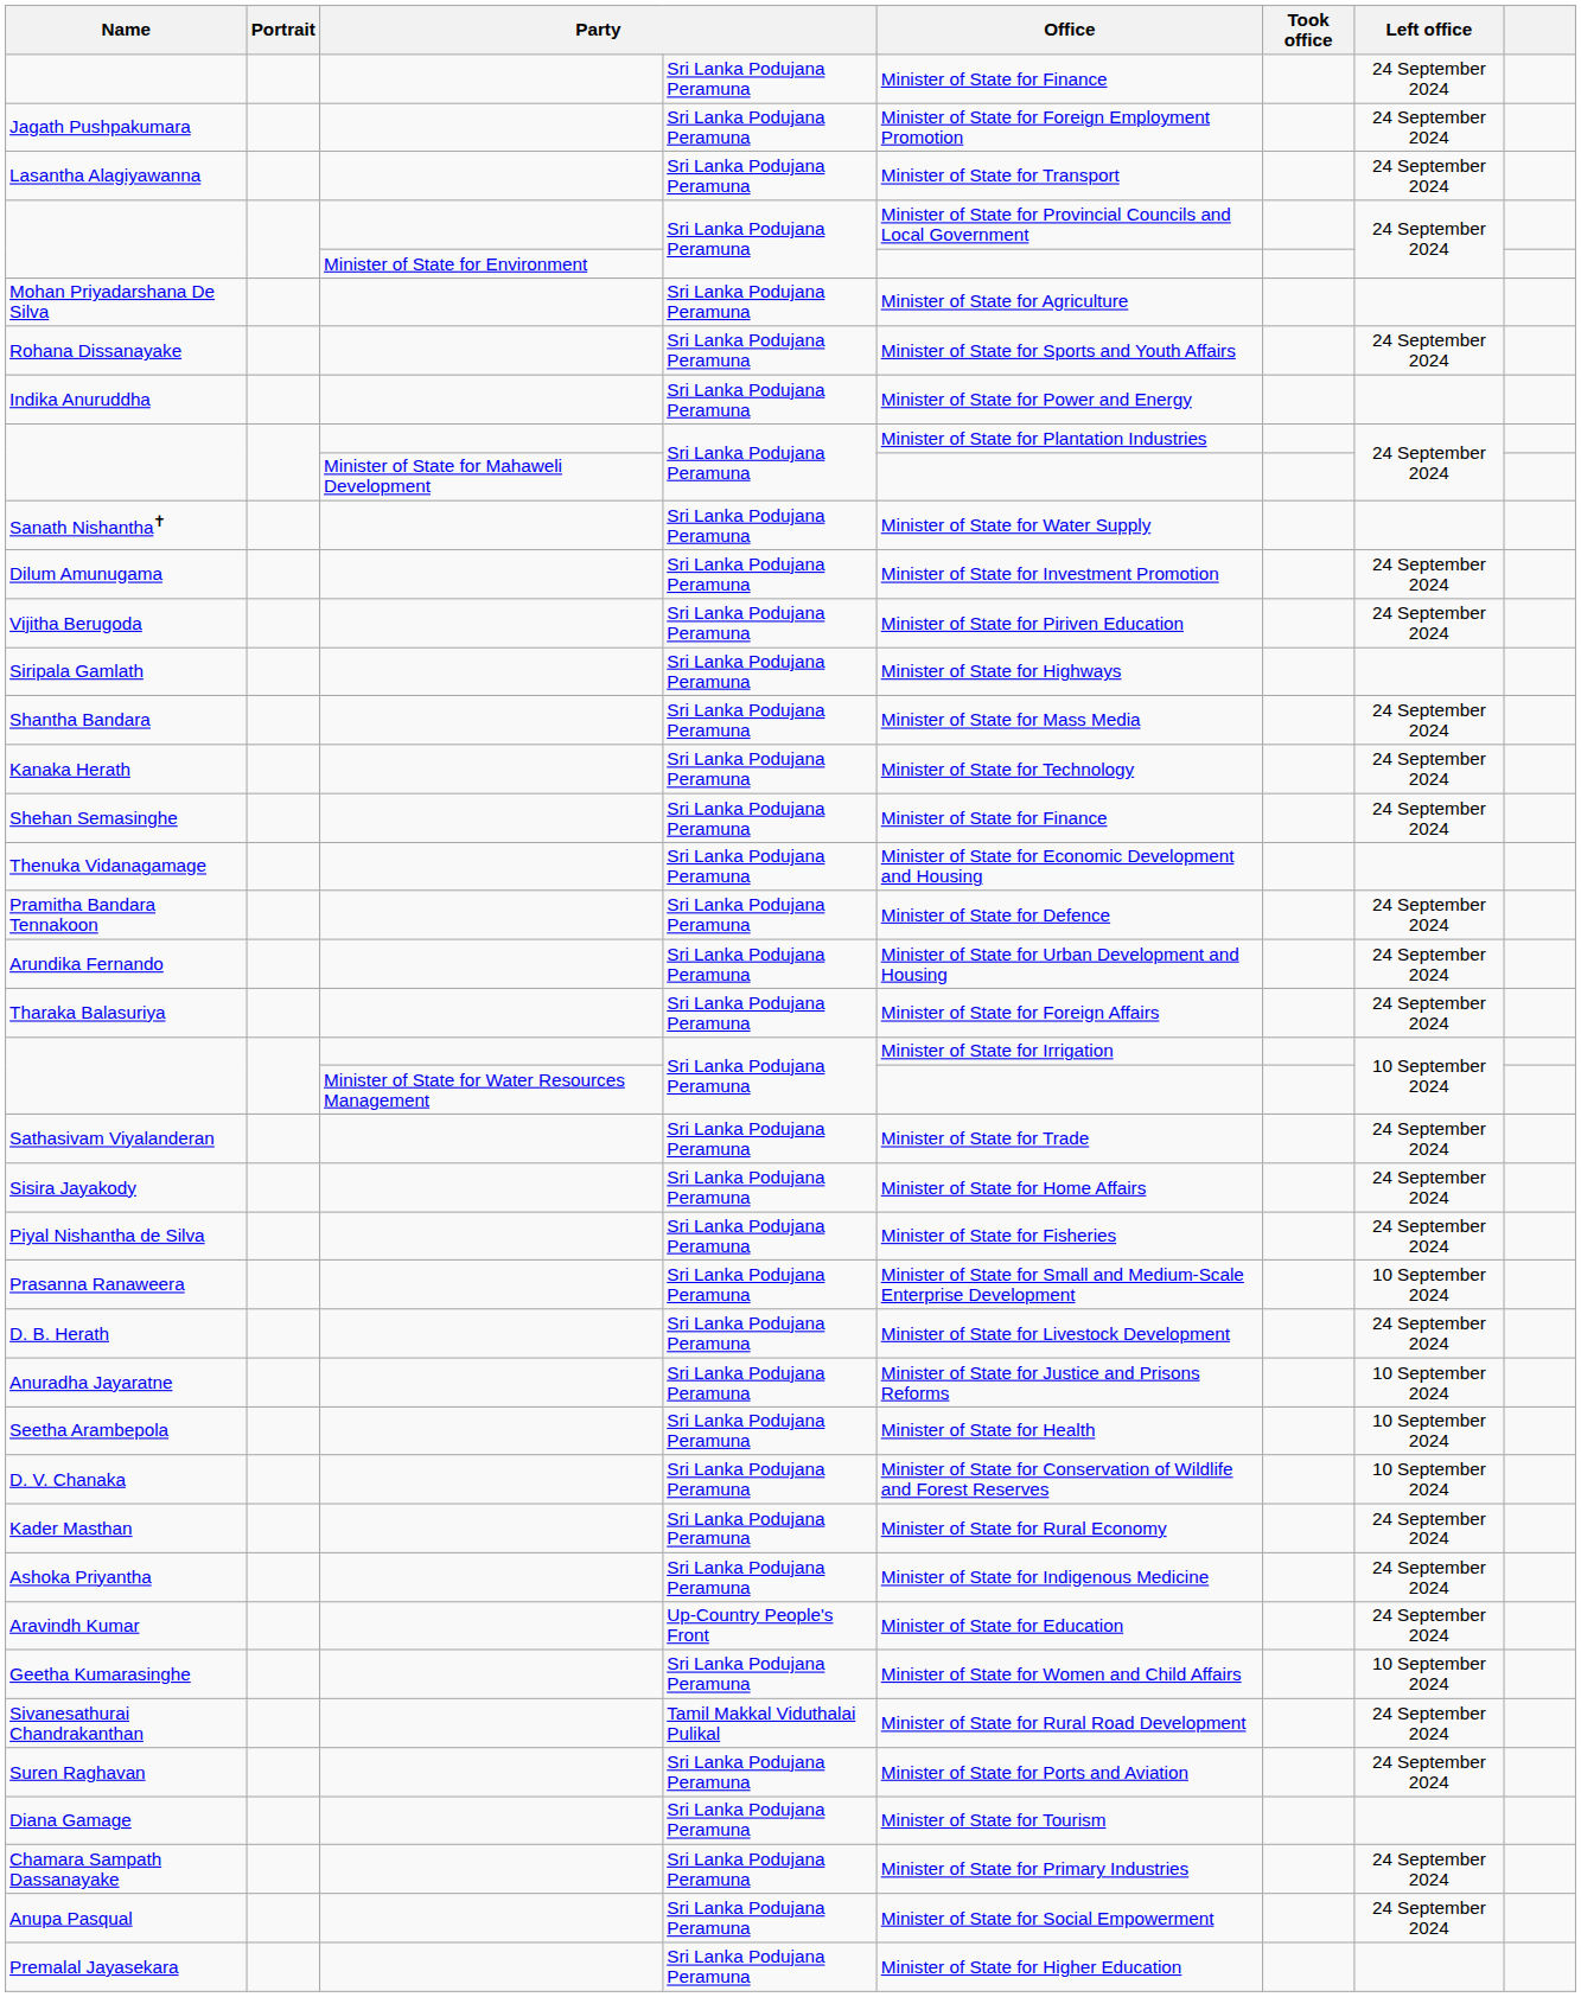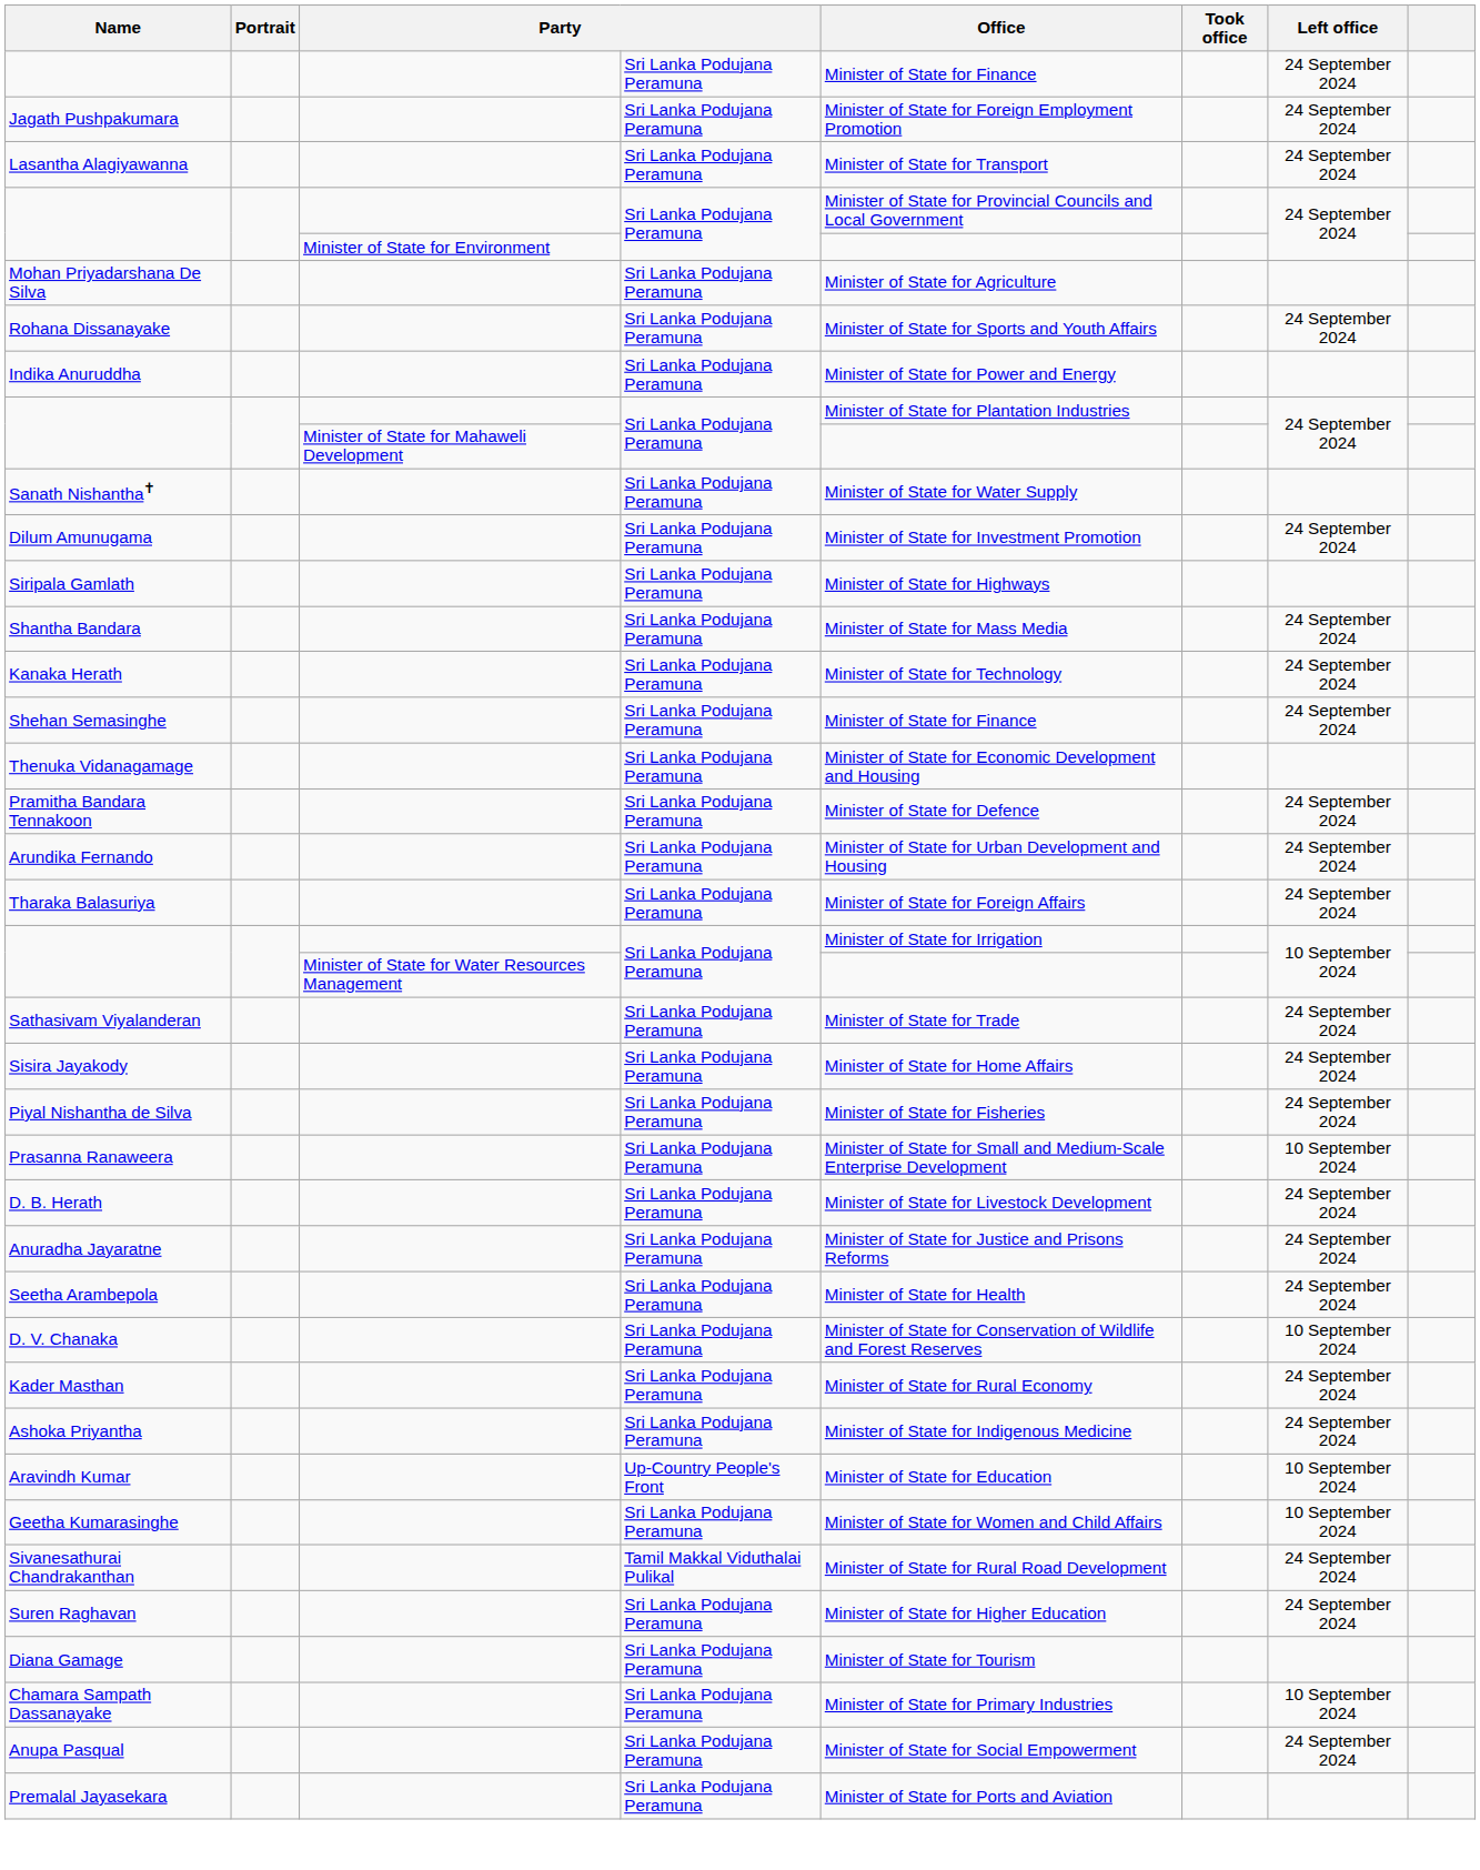 <table class="wikitable plainrowheaders sortable" style="font-size:90%; text-align:left;">
 <tr>
 <th scope="col">Name</th>
 <th scope="col" class="unsortable">Portrait</th>
 <th colspan="2" scope="col">Party</th>
 <th scope="col" width="300px">Office</th>
 <th scope="col">Took office</th>
 <th scope="col">Left office</th>
 <th scope="col" width="50px" class="unsortable"></th>
 </tr>
 <tr>
 <td></td>
 <td align="center"></td>
 <td style="background:"></td>
 <td><a href='#'>Sri Lanka Podujana Peramuna</a></td>
 <td><a href='#'>Minister of State for Finance</a></td>
 <td align="center"></td>
 <td align="center">24 September 2024</td>
 <td align="center"></td>
 </tr>
 <tr>
 <td><a href='#'>Jagath Pushpakumara</a></td>
 <td align="center"></td>
 <td style="background:"></td>
 <td><a href='#'>Sri Lanka Podujana Peramuna</a></td>
 <td><a href='#'>Minister of State for Foreign Employment Promotion</a></td>
 <td align="center"></td>
 <td align="center">24 September 2024</td>
 <td align="center"></td>
 </tr>
 <tr>
 <td><a href='#'>Lasantha Alagiyawanna</a></td>
 <td align="center"></td>
 <td style="background:"></td>
 <td><a href='#'>Sri Lanka Podujana Peramuna</a></td>
 <td><a href='#'>Minister of State for Transport</a></td>
 <td align="center"></td>
 <td align="center">24 September 2024</td>
 <td align="center"></td>
 </tr>
 <tr>
 <td rowspan="2"></td>
 <td rowspan="2" align="center"></td>
 <td style="background:"></td>
 <td rowspan="2"><a href='#'>Sri Lanka Podujana Peramuna</a></td>
 <td><a href='#'>Minister of State for Provincial Councils and Local Government</a></td>
 <td align="center"></td>
 <td rowspan="2" align="center">24 September 2024</td>
 <td align="center"></td>
 </tr>
 <tr>
 <td><a href='#'>Minister of State for Environment</a></td>
 <td align="center"></td>
 <td align="center"></td>
 </tr>
 <tr>
 <td><a href='#'>Mohan Priyadarshana De Silva</a></td>
 <td align="center"></td>
 <td style="background:"></td>
 <td><a href='#'>Sri Lanka Podujana Peramuna</a></td>
 <td><a href='#'>Minister of State for Agriculture</a></td>
 <td align="center"></td>
 <td align="center"></td>
 <td align="center"></td>
 </tr>
 <tr>
 <td><a href='#'>Rohana Dissanayake</a></td>
 <td align="center"></td>
 <td style="background:"></td>
 <td><a href='#'>Sri Lanka Podujana Peramuna</a></td>
 <td><a href='#'>Minister of State for Sports and Youth Affairs</a></td>
 <td align="center"></td>
 <td align="center">24 September 2024</td>
 <td align="center"></td>
 </tr>
 <tr>
 <td><a href='#'>Indika Anuruddha</a></td>
 <td align="center"></td>
 <td style="background:"></td>
 <td><a href='#'>Sri Lanka Podujana Peramuna</a></td>
 <td><a href='#'>Minister of State for Power and Energy</a></td>
 <td align="center"></td>
 <td align="center"></td>
 <td align="center"></td>
 </tr>
 <tr>
 <td rowspan="2"></td>
 <td rowspan="2" align="center"></td>
 <td style="background:"></td>
 <td rowspan="2"><a href='#'>Sri Lanka Podujana Peramuna</a></td>
 <td><a href='#'>Minister of State for Plantation Industries</a></td>
 <td align="center"></td>
 <td rowspan="2" align="center">24 September 2024</td>
 <td align="center"></td>
 </tr>
 <tr>
 <td><a href='#'>Minister of State for Mahaweli Development</a></td>
 <td align="center"></td>
 <td align="center"></td>
 </tr>
 <tr>
 <td><a href='#'>Sanath Nishantha</a><sup>✝</sup></td>
 <td align="center"></td>
 <td style="background:"></td>
 <td><a href='#'>Sri Lanka Podujana Peramuna</a></td>
 <td><a href='#'>Minister of State for Water Supply</a></td>
 <td align="center"></td>
 <td align="center"></td>
 <td align="center"></td>
 </tr>
 <tr>
 <td><a href='#'>Dilum Amunugama</a></td>
 <td align="center"></td>
 <td style="background:"></td>
 <td><a href='#'>Sri Lanka Podujana Peramuna</a></td>
 <td><a href='#'>Minister of State for Investment Promotion</a></td>
-<td align="center"></td>
-<td align="center">24 September 2024</td>
-<td align="center"></td>
-</tr>
-<tr>
-<td><a href='#'>Vijitha Berugoda</a></td>
-<td align="center"></td>
-<td style="background:"></td>
-<td><a href='#'>Sri Lanka Podujana Peramuna</a></td>
-<td><a href='#'>Minister of State for Piriven Education</a></td>
 <td align="center"></td>
 <td align="center">24 September 2024</td>
 <td align="center"></td>
 </tr>
 <tr>
 <td><a href='#'>Siripala Gamlath</a></td>
 <td align="center"></td>
 <td style="background:"></td>
 <td><a href='#'>Sri Lanka Podujana Peramuna</a></td>
 <td><a href='#'>Minister of State for Highways</a></td>
 <td align="center"></td>
 <td align="center"></td>
 <td align="center"></td>
 </tr>
 <tr>
 <td><a href='#'>Shantha Bandara</a></td>
 <td align="center"></td>
 <td style="background:"></td>
 <td><a href='#'>Sri Lanka Podujana Peramuna</a></td>
 <td><a href='#'>Minister of State for Mass Media</a></td>
 <td align="center"></td>
 <td align="center">24 September 2024</td>
 <td align="center"></td>
 </tr>
 <tr>
 <td><a href='#'>Kanaka Herath</a></td>
 <td align="center"></td>
 <td style="background:"></td>
 <td><a href='#'>Sri Lanka Podujana Peramuna</a></td>
 <td><a href='#'>Minister of State for Technology</a></td>
 <td align="center"></td>
 <td align="center">24 September 2024</td>
 <td align="center"></td>
 </tr>
 <tr>
 <td><a href='#'>Shehan Semasinghe</a></td>
 <td align="center"></td>
 <td style="background:"></td>
 <td><a href='#'>Sri Lanka Podujana Peramuna</a></td>
 <td><a href='#'>Minister of State for Finance</a></td>
 <td align="center"></td>
 <td align="center">24 September 2024</td>
 <td align="center"></td>
 </tr>
 <tr>
 <td><a href='#'>Thenuka Vidanagamage</a></td>
 <td align="center"></td>
 <td style="background:"></td>
 <td><a href='#'>Sri Lanka Podujana Peramuna</a></td>
 <td><a href='#'>Minister of State for Economic Development and Housing</a></td>
 <td align="center"></td>
 <td align="center"></td>
 <td align="center"></td>
 </tr>
 <tr>
 <td><a href='#'>Pramitha Bandara Tennakoon</a></td>
 <td align="center"></td>
 <td style="background:"></td>
 <td><a href='#'>Sri Lanka Podujana Peramuna</a></td>
 <td><a href='#'>Minister of State for Defence</a></td>
 <td align="center"></td>
 <td align="center">24 September 2024</td>
 <td align="center"></td>
 </tr>
 <tr>
 <td><a href='#'>Arundika Fernando</a></td>
 <td align="center"></td>
 <td style="background:"></td>
 <td><a href='#'>Sri Lanka Podujana Peramuna</a></td>
 <td><a href='#'>Minister of State for Urban Development and Housing</a></td>
 <td align="center"></td>
 <td align="center">24 September 2024</td>
 <td align="center"></td>
 </tr>
 <tr>
 <td><a href='#'>Tharaka Balasuriya</a></td>
 <td align="center"></td>
 <td style="background:"></td>
 <td><a href='#'>Sri Lanka Podujana Peramuna</a></td>
 <td><a href='#'>Minister of State for Foreign Affairs</a></td>
 <td align="center"></td>
 <td align="center">24 September 2024</td>
 <td align="center"></td>
 </tr>
 <tr>
 <td rowspan="2"></td>
 <td rowspan="2" align="center"></td>
 <td style="background:"></td>
 <td rowspan="2"><a href='#'>Sri Lanka Podujana Peramuna</a></td>
 <td><a href='#'>Minister of State for Irrigation</a></td>
 <td align="center"></td>
 <td rowspan="2" align="center">10 September 2024</td>
 <td align="center"></td>
 </tr>
 <tr>
 <td><a href='#'>Minister of State for Water Resources Management</a></td>
 <td align="center"></td>
 <td align="center"></td>
 </tr>
 <tr>
 <td><a href='#'>Sathasivam Viyalanderan</a></td>
 <td align="center"></td>
 <td style="background:"></td>
 <td><a href='#'>Sri Lanka Podujana Peramuna</a></td>
 <td><a href='#'>Minister of State for Trade</a></td>
 <td align="center"></td>
 <td align="center">24 September 2024</td>
 <td align="center"></td>
 </tr>
 <tr>
 <td><a href='#'>Sisira Jayakody</a></td>
 <td align="center"></td>
 <td style="background:"></td>
 <td><a href='#'>Sri Lanka Podujana Peramuna</a></td>
 <td><a href='#'>Minister of State for Home Affairs</a></td>
 <td align="center"></td>
 <td align="center">24 September 2024</td>
 <td align="center"></td>
 </tr>
 <tr>
 <td><a href='#'>Piyal Nishantha de Silva</a></td>
 <td align="center"></td>
 <td style="background:"></td>
 <td><a href='#'>Sri Lanka Podujana Peramuna</a></td>
 <td><a href='#'>Minister of State for Fisheries</a></td>
 <td align="center"></td>
 <td align="center">24 September 2024</td>
 <td align="center"></td>
 </tr>
 <tr>
 <td><a href='#'>Prasanna Ranaweera</a></td>
 <td align="center"></td>
 <td style="background:"></td>
 <td><a href='#'>Sri Lanka Podujana Peramuna</a></td>
 <td><a href='#'>Minister of State for Small and Medium-Scale Enterprise Development</a></td>
 <td align="center"></td>
 <td align="center">10 September 2024</td>
 <td align="center"></td>
 </tr>
 <tr>
 <td><a href='#'>D. B. Herath</a></td>
 <td align="center"></td>
 <td style="background:"></td>
 <td><a href='#'>Sri Lanka Podujana Peramuna</a></td>
 <td><a href='#'>Minister of State for Livestock Development</a></td>
 <td align="center"></td>
 <td align="center">24 September 2024</td>
 <td align="center"></td>
 </tr>
 <tr>
 <td><a href='#'>Anuradha Jayaratne</a></td>
 <td align="center"></td>
 <td style="background:"></td>
 <td><a href='#'>Sri Lanka Podujana Peramuna</a></td>
 <td><a href='#'>Minister of State for Justice and Prisons Reforms</a></td>
 <td align="center"></td>
-<td align="center">10 September 2024</td>
+<td align="center">24 September 2024</td>
 <td align="center"></td>
 </tr>
 <tr>
 <td><a href='#'>Seetha Arambepola</a></td>
 <td align="center"></td>
 <td style="background:"></td>
 <td><a href='#'>Sri Lanka Podujana Peramuna</a></td>
 <td><a href='#'>Minister of State for Health</a></td>
 <td align="center"></td>
-<td align="center">10 September 2024</td>
+<td align="center">24 September 2024</td>
 <td align="center"></td>
 </tr>
 <tr>
 <td><a href='#'>D. V. Chanaka</a></td>
 <td align="center"></td>
 <td style="background:"></td>
 <td><a href='#'>Sri Lanka Podujana Peramuna</a></td>
 <td><a href='#'>Minister of State for Conservation of Wildlife and Forest Reserves</a></td>
 <td align="center"></td>
 <td align="center">10 September 2024</td>
 <td align="center"></td>
 </tr>
 <tr>
 <td><a href='#'>Kader Masthan</a></td>
 <td align="center"></td>
 <td style="background:"></td>
 <td><a href='#'>Sri Lanka Podujana Peramuna</a></td>
 <td><a href='#'>Minister of State for Rural Economy</a></td>
 <td align="center"></td>
 <td align="center">24 September 2024</td>
 <td align="center"></td>
 </tr>
 <tr>
 <td><a href='#'>Ashoka Priyantha</a></td>
 <td align="center"></td>
 <td style="background:"></td>
 <td><a href='#'>Sri Lanka Podujana Peramuna</a></td>
 <td><a href='#'>Minister of State for Indigenous Medicine</a></td>
 <td align="center"></td>
 <td align="center">24 September 2024</td>
 <td align="center"></td>
 </tr>
 <tr>
 <td><a href='#'>Aravindh Kumar</a></td>
 <td align="center"></td>
 <td style="background:"></td>
 <td><a href='#'>Up-Country People's Front</a></td>
 <td><a href='#'>Minister of State for Education</a></td>
 <td align="center"></td>
-<td align="center">24 September 2024</td>
+<td align="center">10 September 2024</td>
 <td align="center"></td>
 </tr>
 <tr>
 <td><a href='#'>Geetha Kumarasinghe</a></td>
 <td align="center"></td>
 <td style="background:"></td>
 <td><a href='#'>Sri Lanka Podujana Peramuna</a></td>
 <td><a href='#'>Minister of State for Women and Child Affairs</a></td>
 <td align="center"></td>
 <td align="center">10 September 2024</td>
 <td align="center"></td>
 </tr>
 <tr>
 <td><a href='#'>Sivanesathurai Chandrakanthan</a></td>
 <td align="center"></td>
 <td style="background:"></td>
 <td><a href='#'>Tamil Makkal Viduthalai Pulikal</a></td>
 <td><a href='#'>Minister of State for Rural Road Development</a></td>
 <td align="center"></td>
 <td align="center">24 September 2024</td>
 <td align="center"></td>
 </tr>
 <tr>
 <td><a href='#'>Suren Raghavan</a></td>
 <td align="center"></td>
 <td style="background:"></td>
 <td><a href='#'>Sri Lanka Podujana Peramuna</a></td>
-<td><a href='#'>Minister of State for Ports and Aviation</a></td>
+<td><a href='#'>Minister of State for Higher Education</a></td>
 <td align="center"></td>
 <td align="center">24 September 2024</td>
 <td align="center"></td>
 </tr>
 <tr>
 <td><a href='#'>Diana Gamage</a></td>
 <td align="center"></td>
 <td style="background:"></td>
 <td><a href='#'>Sri Lanka Podujana Peramuna</a></td>
 <td><a href='#'>Minister of State for Tourism</a></td>
 <td align="center"></td>
 <td align="center"></td>
 <td align="center"></td>
 </tr>
 <tr>
 <td><a href='#'>Chamara Sampath Dassanayake</a></td>
 <td align="center"></td>
 <td style="background:"></td>
 <td><a href='#'>Sri Lanka Podujana Peramuna</a></td>
 <td><a href='#'>Minister of State for Primary Industries</a></td>
 <td align="center"></td>
-<td align="center">24 September 2024</td>
+<td align="center">10 September 2024</td>
 <td align="center"></td>
 </tr>
 <tr>
 <td><a href='#'>Anupa Pasqual</a></td>
 <td align="center"></td>
 <td style="background:"></td>
 <td><a href='#'>Sri Lanka Podujana Peramuna</a></td>
 <td><a href='#'>Minister of State for Social Empowerment</a></td>
 <td align="center"></td>
 <td align="center">24 September 2024</td>
 <td align="center"></td>
 </tr>
 <tr>
 <td><a href='#'>Premalal Jayasekara</a></td>
 <td align="center"></td>
 <td style="background:"></td>
 <td><a href='#'>Sri Lanka Podujana Peramuna</a></td>
-<td><a href='#'>Minister of State for Higher Education</a></td>
+<td><a href='#'>Minister of State for Ports and Aviation</a></td>
 <td align="center"></td>
 <td align="center"></td>
 <td align="center"></td>
 </tr>
 </table>
